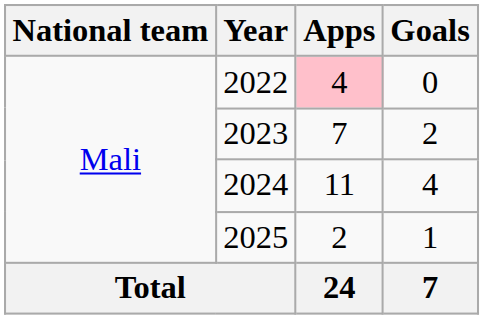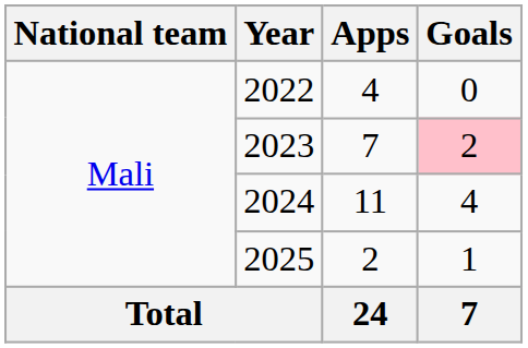 <table class="wikitable" style="text-align:center">
 <tr>
 <th>National team</th>
 <th>Year</th>
 <th>Apps</th>
 <th>Goals</th>
 </tr>
 <tr>
 <td rowspan="4"><a href='#'>Mali</a></td>
 <td>2022</td>
-<td style="background: pink;">4</td>
+<td>4</td>
 <td>0</td>
 </tr>
 <tr>
 <td>2023</td>
 <td>7</td>
-<td>2</td>
+<td style="background: pink;">2</td>
 </tr>
 <tr>
 <td>2024</td>
 <td>11</td>
 <td>4</td>
 </tr>
 <tr>
 <td>2025</td>
 <td>2</td>
 <td>1</td>
 </tr>
 <tr>
 <th colspan="2">Total</th>
 <th>24</th>
 <th>7</th>
 </tr>
 </table>
